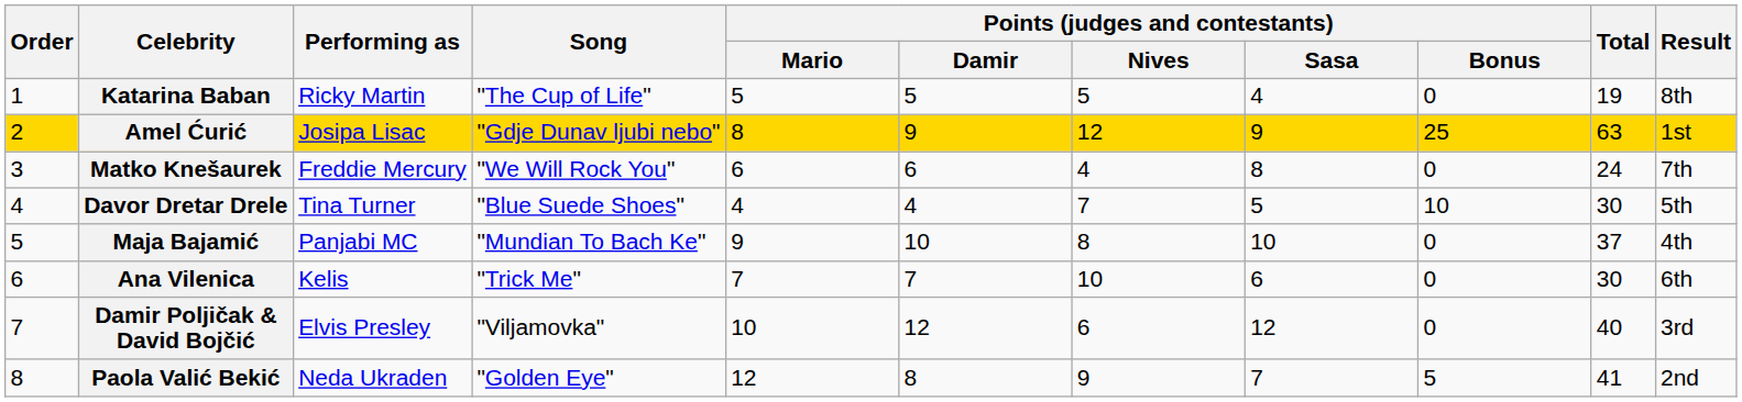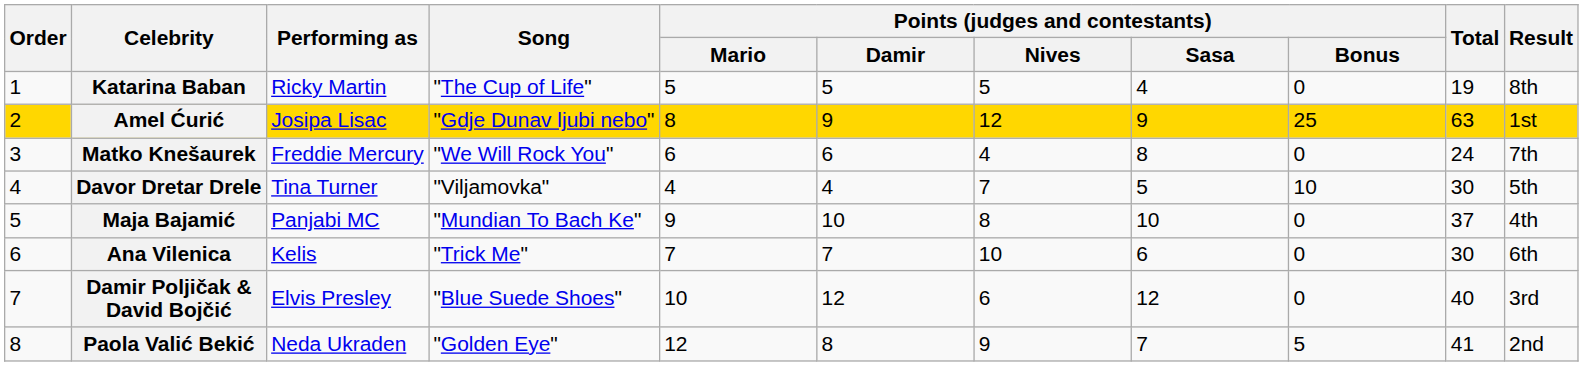 <table class=wikitable>
 <tr>
 <th rowspan="2">Order</th>
 <th rowspan="2">Celebrity</th>
 <th rowspan="2">Performing as</th>
 <th rowspan="2">Song</th>
 <th colspan="5" style="width:50%;">Points (judges and contestants)</th>
 <th rowspan="2">Total</th>
 <th rowspan="2">Result</th>
 </tr>
 <tr>
 <th style="width:10%;">Mario</th>
 <th style="width:10%;">Damir</th>
 <th style="width:10%;">Nives</th>
 <th style="width:10%;">Sasa</th>
 <th style="width:10%;">Bonus</th>
 </tr>
 <tr>
 <td>1</td>
 <th scope="row">Katarina Baban</th>
 <td><a href='#'>Ricky Martin</a></td>
 <td>"<a href='#'>The Cup of Life</a>"</td>
 <td>5</td>
 <td>5</td>
 <td>5</td>
 <td>4</td>
 <td>0</td>
 <td>19</td>
 <td>8th</td>
 </tr>
 <tr style="background:gold;">
 <td>2</td>
 <th scope="row">Amel Ćurić</th>
 <td><a href='#'>Josipa Lisac</a></td>
 <td>"<a href='#'>Gdje Dunav ljubi nebo</a>"</td>
 <td>8</td>
 <td>9</td>
 <td>12</td>
 <td>9</td>
 <td>25</td>
 <td>63</td>
 <td>1st</td>
 </tr>
 <tr>
 <td>3</td>
 <th scope="row">Matko Knešaurek</th>
 <td><a href='#'>Freddie Mercury</a></td>
 <td>"<a href='#'>We Will Rock You</a>"</td>
 <td>6</td>
 <td>6</td>
 <td>4</td>
 <td>8</td>
 <td>0</td>
 <td>24</td>
 <td>7th</td>
 </tr>
 <tr>
 <td>4</td>
 <th scope="row">Davor Dretar Drele</th>
 <td><a href='#'>Tina Turner</a></td>
-<td>"<a href='#'>Blue Suede Shoes</a>"</td>
+<td>"Viljamovka"</td>
 <td>4</td>
 <td>4</td>
 <td>7</td>
 <td>5</td>
 <td>10</td>
 <td>30</td>
 <td>5th</td>
 </tr>
 <tr>
 <td>5</td>
 <th scope="row">Maja Bajamić</th>
 <td><a href='#'>Panjabi MC</a></td>
 <td>"<a href='#'>Mundian To Bach Ke</a>"</td>
 <td>9</td>
 <td>10</td>
 <td>8</td>
 <td>10</td>
 <td>0</td>
 <td>37</td>
 <td>4th</td>
 </tr>
 <tr>
 <td>6</td>
 <th scope="row">Ana Vilenica</th>
 <td><a href='#'>Kelis</a></td>
 <td>"<a href='#'>Trick Me</a>"</td>
 <td>7</td>
 <td>7</td>
 <td>10</td>
 <td>6</td>
 <td>0</td>
 <td>30</td>
 <td>6th</td>
 </tr>
 <tr>
 <td>7</td>
 <th scope="row">Damir Poljičak &<br>David Bojčić</th>
 <td><a href='#'>Elvis Presley</a></td>
-<td>"Viljamovka"</td>
+<td>"<a href='#'>Blue Suede Shoes</a>"</td>
 <td>10</td>
 <td>12</td>
 <td>6</td>
 <td>12</td>
 <td>0</td>
 <td>40</td>
 <td>3rd</td>
 </tr>
 <tr>
 <td>8</td>
 <th scope="row">Paola Valić Bekić</th>
 <td><a href='#'>Neda Ukraden</a></td>
 <td>"<a href='#'>Golden Eye</a>"</td>
 <td>12</td>
 <td>8</td>
 <td>9</td>
 <td>7</td>
 <td>5</td>
 <td>41</td>
 <td>2nd</td>
 </tr>
 </table>
